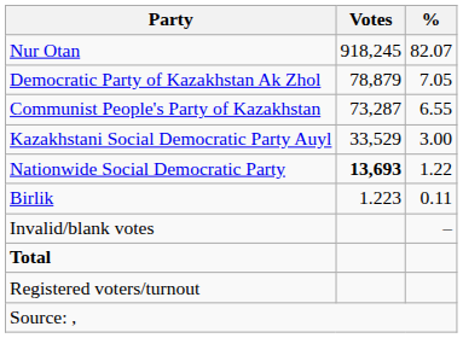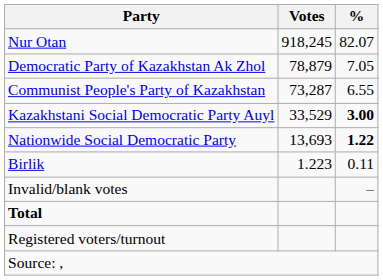 <table class=wikitable style=text-align:right>
 <tr>
 <th>Party</th>
 <th>Votes</th>
 <th>%</th>
 </tr>
 <tr>
 <td align=left><a href='#'>Nur Otan</a></td>
 <td>918,245</td>
 <td>82.07</td>
 </tr>
 <tr>
 <td align=left><a href='#'>Democratic Party of Kazakhstan Ak Zhol</a></td>
 <td>78,879</td>
 <td>7.05</td>
 </tr>
 <tr>
 <td align=left><a href='#'>Communist People's Party of Kazakhstan</a></td>
 <td>73,287</td>
 <td>6.55</td>
 </tr>
 <tr>
 <td align=left><a href='#'>Kazakhstani Social Democratic Party Auyl</a></td>
 <td>33,529</td>
-<td>3.00</td>
+<td><strong>3.00</strong></td>
 </tr>
 <tr>
 <td align=left><a href='#'>Nationwide Social Democratic Party</a></td>
-<td><strong>13,693</strong></td>
-<td>1.22</td>
+<td>13,693</td>
+<td><strong>1.22</strong></td>
 </tr>
 <tr>
 <td align=left><a href='#'>Birlik</a></td>
 <td>1.223</td>
 <td>0.11</td>
 </tr>
 <tr>
 <td align=left>Invalid/blank votes</td>
 <td></td>
 <td>–</td>
 </tr>
 <tr>
 <td align=left><strong>Total</strong></td>
 <td></td>
 <td></td>
 </tr>
 <tr>
 <td align=left>Registered voters/turnout</td>
 <td></td>
 <td></td>
 </tr>
 <tr>
 <td style="text-align:left;" colspan="5">Source: , </td>
 </tr>
 </table>
